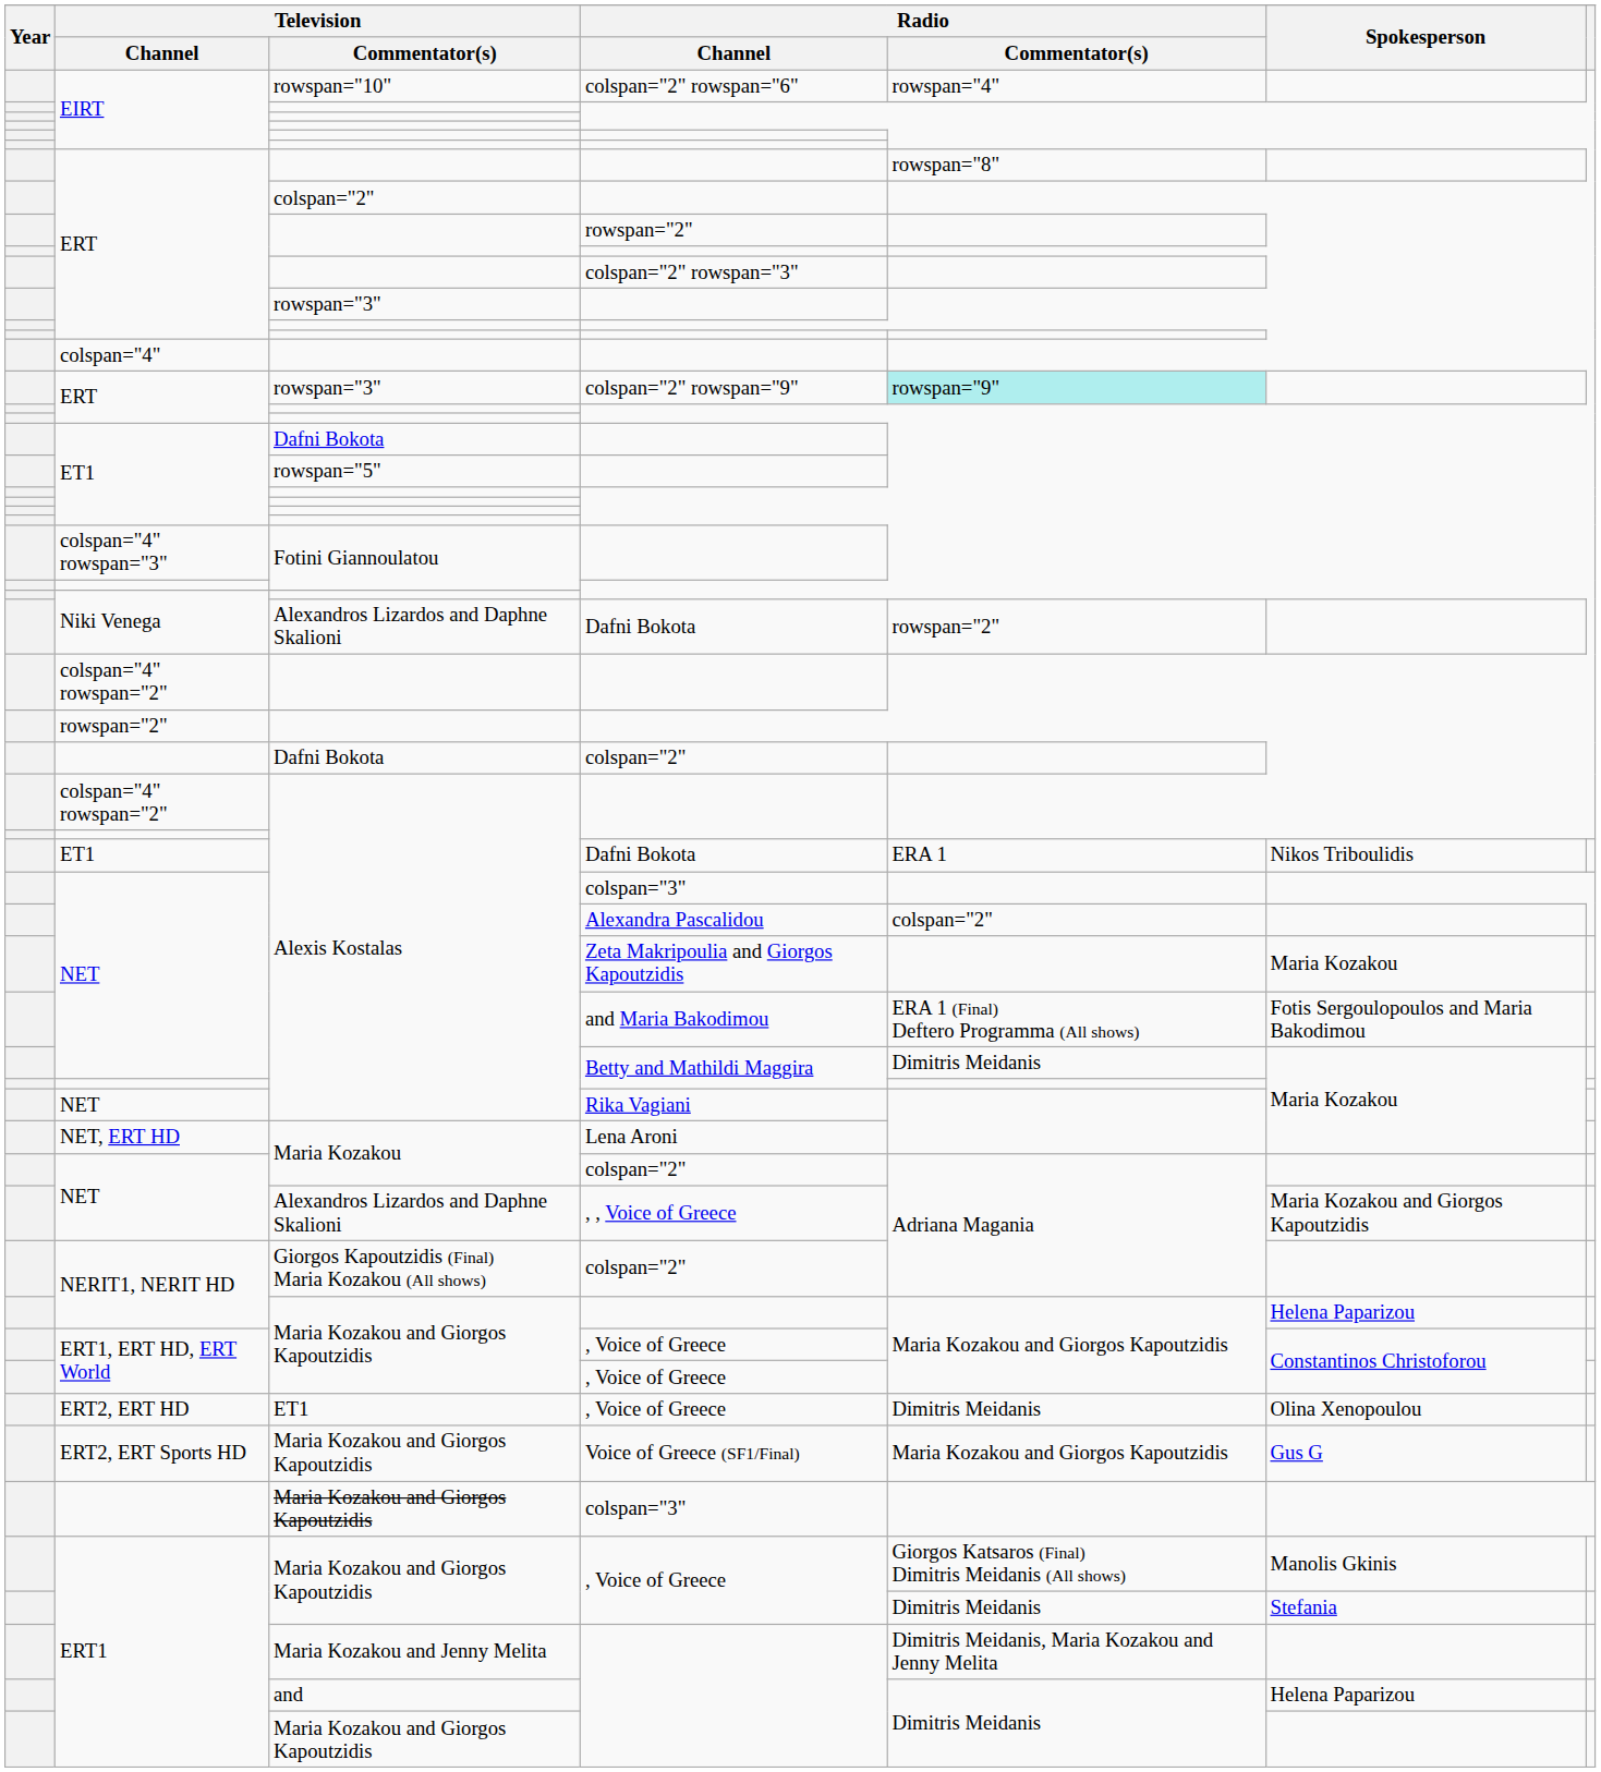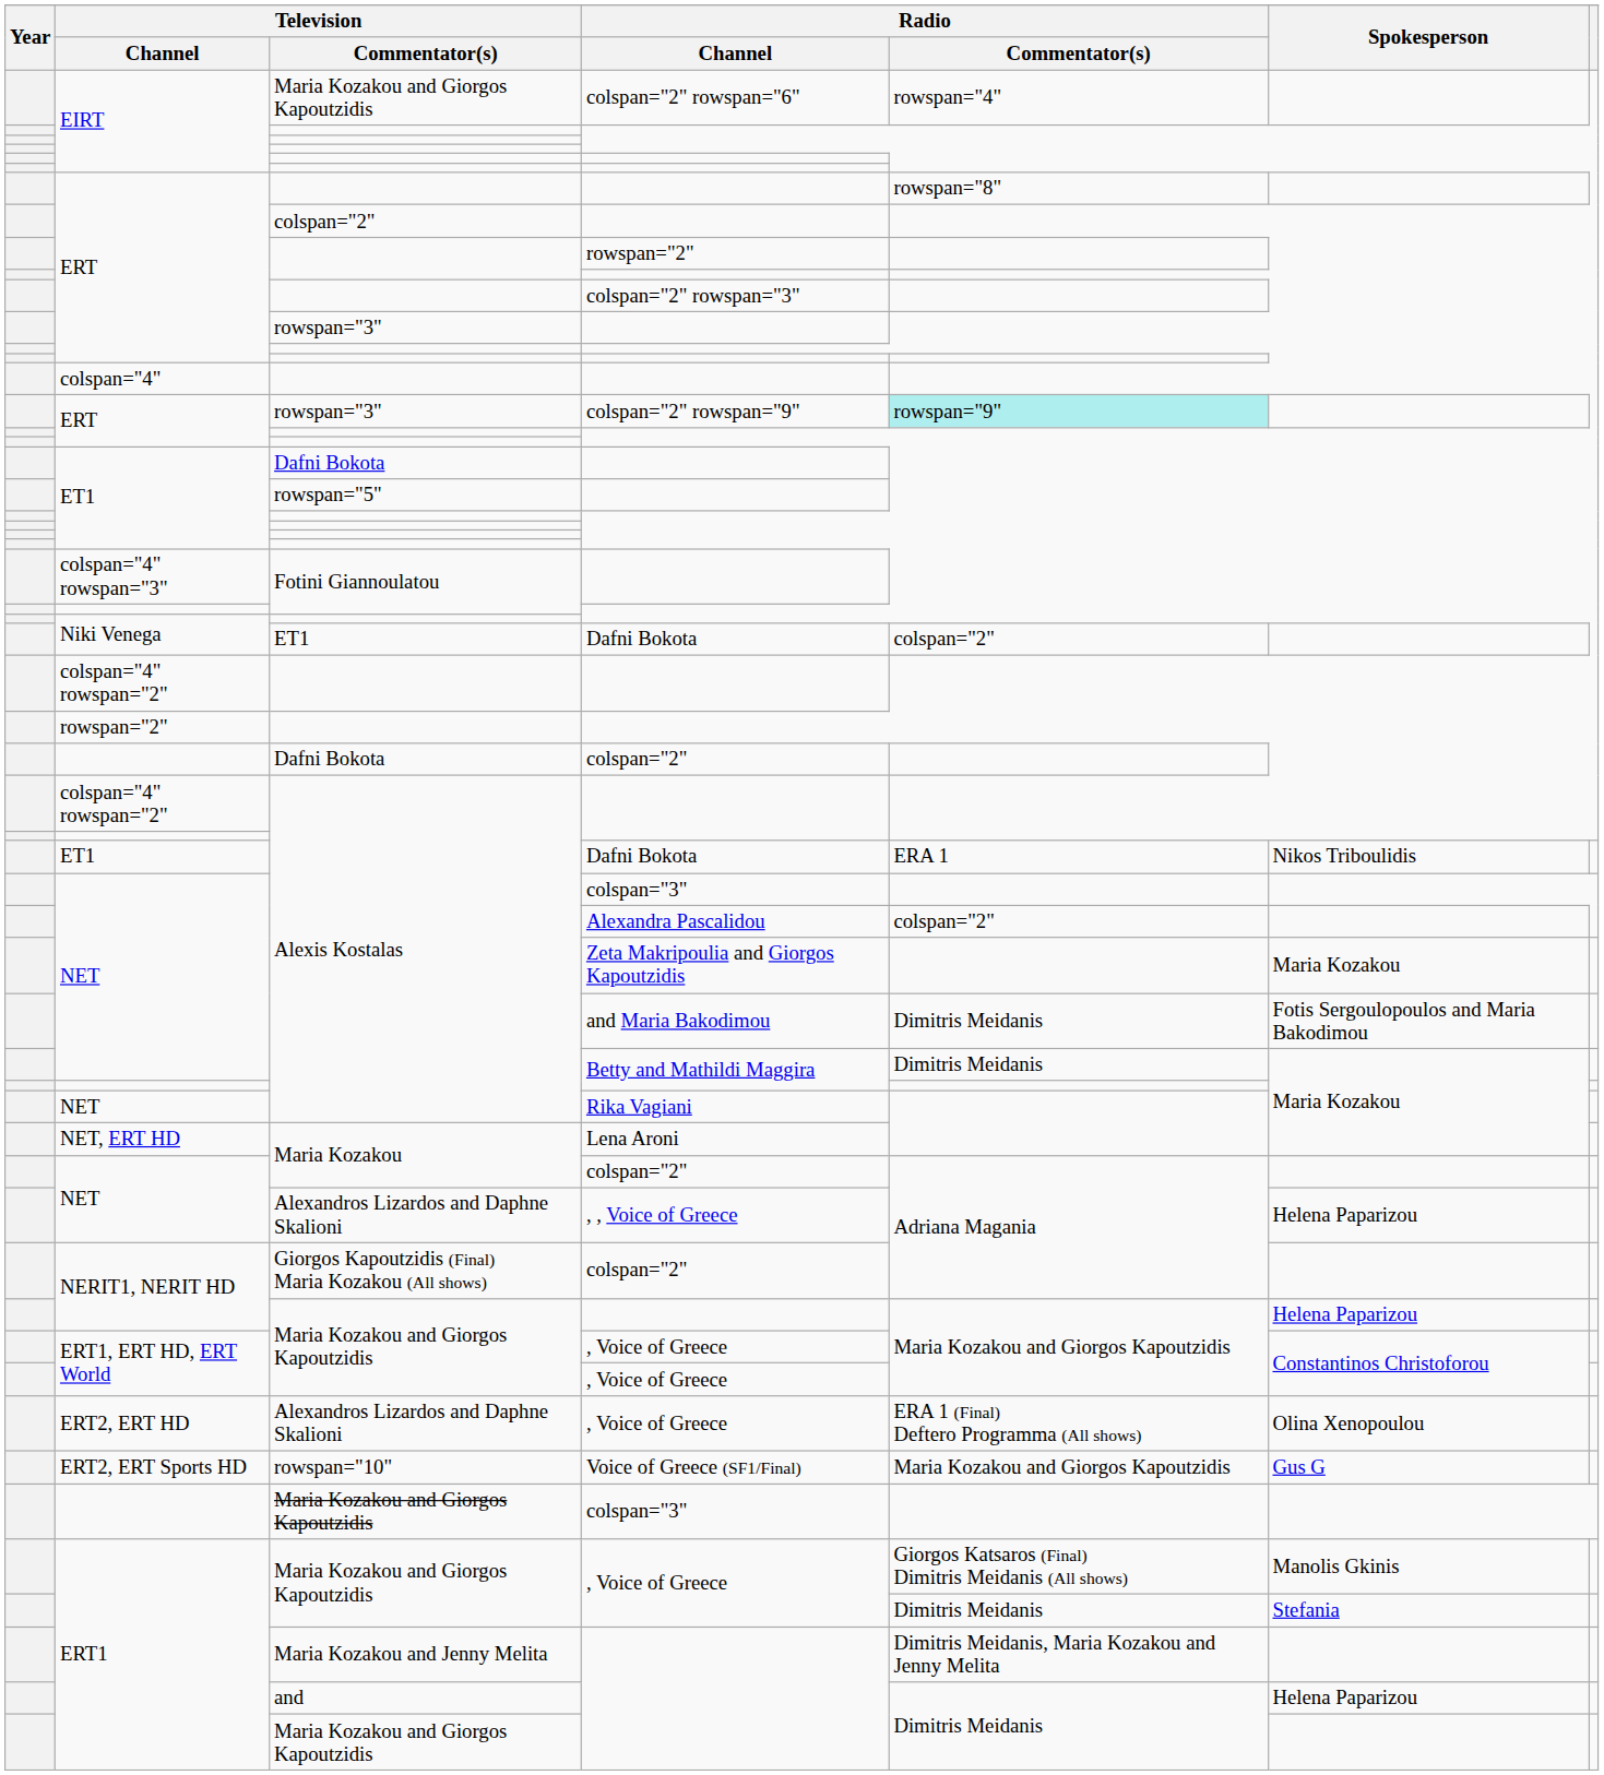 <table class="wikitable plainrowheaders sticky-header">
 <tr>
 </tr>
 <tr>
 <th rowspan="2">Year</th>
 <th colspan="2">Television</th>
 <th colspan="2">Radio</th>
 <th rowspan="2">Spokesperson</th>
 <th rowspan="2" class="unsortable"></th>
 </tr>
 <tr>
 <th>Channel</th>
 <th>Commentator(s)</th>
 <th>Channel</th>
 <th>Commentator(s)</th>
 </tr>
 <tr>
 <th scope="row"></th>
 <td rowspan="6"><a href='#'>EIRT</a></td>
-<td>rowspan="10" </td>
+<td>Maria Kozakou and Giorgos Kapoutzidis</td>
 <td>colspan="2" rowspan="6" </td>
 <td>rowspan="4" </td>
 <td style="text-align:center"></td>
 </tr>
 <tr>
 <th scope="row"></th>
 <td style="text-align:center"></td>
 </tr>
 <tr>
 <th scope="row"></th>
 <td style="text-align:center"></td>
 </tr>
 <tr>
 <th scope="row"></th>
 <td style="text-align:center"></td>
 </tr>
 <tr>
 <th scope="row"></th>
 <td></td>
 <td style="text-align:center"></td>
 </tr>
 <tr>
 <th scope="row"></th>
 <td></td>
 <td style="text-align:center"></td>
 </tr>
 <tr>
 <th scope="row"></th>
 <td rowspan="8">ERT</td>
 <td></td>
 <td></td>
 <td>rowspan="8" </td>
 <td style="text-align:center"></td>
 </tr>
 <tr>
 <th scope="row"></th>
 <td>colspan="2" </td>
 <td style="text-align:center"></td>
 </tr>
 <tr>
 <th scope="row"></th>
 <td rowspan="2"></td>
 <td>rowspan="2" </td>
 <td style="text-align:center"></td>
 </tr>
 <tr>
 <th scope="row"></th>
 <td style="text-align:center"></td>
 </tr>
 <tr>
 <th scope="row"></th>
 <td></td>
 <td>colspan="2" rowspan="3" </td>
 <td style="text-align:center"></td>
 </tr>
 <tr>
 <th scope="row"></th>
 <td>rowspan="3" </td>
 <td style="text-align:center"></td>
 </tr>
 <tr>
 <th scope="row"></th>
 <td></td>
 </tr>
 <tr>
 <th scope="row"></th>
 <td></td>
 <td></td>
 <td style="text-align:center"></td>
 </tr>
 <tr>
 <th scope="row"></th>
 <td>colspan="4" </td>
 <td></td>
 <td></td>
 </tr>
 <tr>
 <th scope="row"></th>
 <td rowspan="3">ERT</td>
 <td>rowspan="3" </td>
 <td>colspan="2" rowspan="9" </td>
 <td style="background: paleturquoise;">rowspan="9" </td>
 <td style="text-align:center"></td>
 </tr>
 <tr>
 <th scope="row"></th>
 <td></td>
 </tr>
 <tr>
 <th scope="row"></th>
 <td style="text-align:center"></td>
 </tr>
 <tr>
 <th scope="row"></th>
 <td rowspan="6">ET1</td>
 <td><a href='#'>Dafni Bokota</a></td>
 <td style="text-align:center"></td>
 </tr>
 <tr>
 <th scope="row"></th>
 <td>rowspan="5" </td>
 <td style="text-align:center"></td>
 </tr>
 <tr>
 <th scope="row"></th>
 <td style="text-align:center"></td>
 </tr>
 <tr>
 <th scope="row"></th>
 <td style="text-align:center"></td>
 </tr>
 <tr>
 <th scope="row"></th>
 <td style="text-align:center"></td>
 </tr>
 <tr>
 <th scope="row"></th>
 <td style="text-align:center"></td>
 </tr>
 <tr>
 <th scope="row"></th>
 <td>colspan="4" rowspan="3" </td>
 <td rowspan="2">Fotini Giannoulatou</td>
 <td style="text-align:center"></td>
 </tr>
 <tr>
 <th scope="row"></th>
 <td style="text-align:center"></td>
 </tr>
 <tr>
 <th scope="row"></th>
 <td rowspan="2">Niki Venega</td>
 <td style="text-align:center"></td>
 </tr>
 <tr>
 <th scope="row"></th>
-<td>Alexandros Lizardos and Daphne Skalioni</td>
+<td>ET1</td>
 <td>Dafni Bokota</td>
-<td>rowspan="2" </td>
+<td>colspan="2" </td>
 <td style="text-align:center"></td>
 </tr>
 <tr>
 <th scope="row"></th>
 <td>colspan="4" rowspan="2" </td>
 <td></td>
 <td style="text-align:center"></td>
 </tr>
 <tr>
 <th scope="row"></th>
 <td>rowspan="2" </td>
 <td></td>
 </tr>
 <tr>
 <th scope="row"></th>
 <td></td>
 <td>Dafni Bokota</td>
 <td>colspan="2" </td>
 <td style="text-align:center"></td>
 </tr>
 <tr>
 <th scope="row"></th>
 <td>colspan="4" rowspan="2" </td>
 <td rowspan="10">Alexis Kostalas</td>
 <td style="text-align:center" rowspan="2"></td>
 </tr>
 <tr>
 <th scope="row"></th>
 </tr>
 <tr>
 <th scope="row"></th>
 <td>ET1</td>
 <td>Dafni Bokota</td>
 <td>ERA 1</td>
 <td>Nikos Triboulidis</td>
 <td style="text-align:center"></td>
 </tr>
 <tr>
 <th scope="row"></th>
 <td rowspan="5"><a href='#'>NET</a></td>
 <td>colspan="3" </td>
 <td style="text-align:center"></td>
 </tr>
 <tr>
 <th scope="row"></th>
 <td><a href='#'>Alexandra Pascalidou</a></td>
 <td>colspan="2" </td>
 <td style="text-align:center"></td>
 </tr>
 <tr>
 <th scope="row"></th>
 <td><a href='#'>Zeta Makripoulia</a> and <a href='#'>Giorgos Kapoutzidis</a></td>
 <td></td>
 <td>Maria Kozakou</td>
 <td style="text-align:center"></td>
 </tr>
 <tr>
 <th scope="row"></th>
 <td> and <a href='#'>Maria Bakodimou</a></td>
-<td>ERA 1 <small>(Final)</small><br> Deftero Programma <small>(All shows)</small></td>
+<td>Dimitris Meidanis</td>
 <td>Fotis Sergoulopoulos and Maria Bakodimou</td>
 <td style="text-align:center"></td>
 </tr>
 <tr>
 <th scope="row"></th>
 <td rowspan="2"><a href='#'>Betty and Mathildi Maggira</a></td>
 <td>Dimitris Meidanis</td>
 <td rowspan="4">Maria Kozakou</td>
 <td style="text-align:center"></td>
 </tr>
 <tr>
 <th scope="row"></th>
 <td></td>
 <td style="text-align:center"></td>
 </tr>
 <tr>
 <th scope="row"></th>
 <td>NET</td>
 <td><a href='#'>Rika Vagiani</a></td>
 <td rowspan="2"></td>
 <td style="text-align:center"></td>
 </tr>
 <tr>
 <th scope="row"></th>
 <td>NET, <a href='#'>ERT HD</a></td>
 <td rowspan="2">Maria Kozakou</td>
 <td>Lena Aroni</td>
 <td style="text-align:center"></td>
 </tr>
 <tr>
 <th scope="row"></th>
 <td rowspan="2">NET</td>
 <td>colspan="2" </td>
 <td rowspan="3">Adriana Magania</td>
 <td style="text-align:center"></td>
 </tr>
 <tr>
 <th scope="row"></th>
 <td>Alexandros Lizardos and Daphne Skalioni</td>
 <td>, , <a href='#'>Voice of Greece</a></td>
-<td>Maria Kozakou and Giorgos Kapoutzidis</td>
+<td>Helena Paparizou</td>
 <td style="text-align:center"></td>
 </tr>
 <tr>
 <th scope="row"></th>
 <td rowspan="2">NERIT1, NERIT HD</td>
 <td>Giorgos Kapoutzidis <small>(Final)</small><br> Maria Kozakou <small>(All shows)</small></td>
 <td>colspan="2" </td>
 <td style="text-align:center"></td>
 </tr>
 <tr>
 <th scope="row"></th>
 <td rowspan="3">Maria Kozakou and Giorgos Kapoutzidis</td>
 <td></td>
 <td rowspan="3">Maria Kozakou and Giorgos Kapoutzidis</td>
 <td><a href='#'>Helena Paparizou</a></td>
 <td style="text-align:center"></td>
 </tr>
 <tr>
 <th scope="row"></th>
 <td rowspan="2">ERT1, ERT HD, <a href='#'>ERT World</a></td>
 <td>, Voice of Greece</td>
 <td rowspan="2"><a href='#'>Constantinos Christoforou</a></td>
 <td style="text-align:center"></td>
 </tr>
 <tr>
 <th scope="row"></th>
 <td>, Voice of Greece</td>
 <td style="text-align:center"></td>
 </tr>
 <tr>
 <th scope="row"></th>
 <td>ERT2, ERT HD</td>
-<td>ET1</td>
+<td>Alexandros Lizardos and Daphne Skalioni</td>
 <td>, Voice of Greece</td>
-<td>Dimitris Meidanis</td>
+<td>ERA 1 <small>(Final)</small><br> Deftero Programma <small>(All shows)</small></td>
 <td>Olina Xenopoulou</td>
 <td style="text-align:center"></td>
 </tr>
 <tr>
 <th scope="row"></th>
 <td>ERT2, ERT Sports HD</td>
-<td>Maria Kozakou and Giorgos Kapoutzidis</td>
+<td>rowspan="10" </td>
 <td>Voice of Greece <small>(SF1/Final)</small></td>
 <td>Maria Kozakou and Giorgos Kapoutzidis</td>
 <td><a href='#'>Gus G</a></td>
 <td style="text-align:center"></td>
 </tr>
 <tr>
 <th scope="row"><s></s></th>
 <td></td>
 <td><s>Maria Kozakou and Giorgos Kapoutzidis</s></td>
 <td>colspan="3" </td>
 <td style="text-align:center"></td>
 </tr>
 <tr>
 <th scope="row"></th>
 <td rowspan="5">ERT1</td>
 <td rowspan="2">Maria Kozakou and Giorgos Kapoutzidis</td>
 <td rowspan="2">, Voice of Greece</td>
 <td>Giorgos Katsaros <small>(Final)</small><br>  Dimitris Meidanis <small>(All shows)</small></td>
 <td>Manolis Gkinis</td>
 <td style="text-align:center"></td>
 </tr>
 <tr>
 <th scope="row"></th>
 <td>Dimitris Meidanis</td>
 <td><a href='#'>Stefania</a></td>
 <td style="text-align:center"></td>
 </tr>
 <tr>
 <th scope="row"></th>
 <td>Maria Kozakou and Jenny Melita</td>
 <td rowspan="3"></td>
 <td>Dimitris Meidanis, Maria Kozakou and Jenny Melita</td>
 <td></td>
 <td style="text-align:center"></td>
 </tr>
 <tr>
 <th scope="row"></th>
 <td> and </td>
 <td rowspan="2">Dimitris Meidanis</td>
 <td>Helena Paparizou</td>
 <td style="text-align:center"></td>
 </tr>
 <tr>
 <th scope="row"></th>
 <td>Maria Kozakou and Giorgos Kapoutzidis</td>
 <td></td>
 <td style="text-align:center"></td>
 </tr>
 </table>
